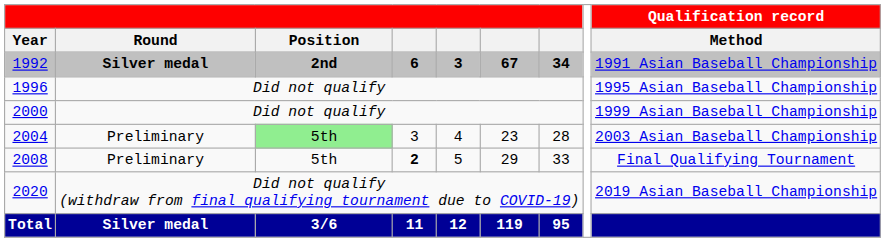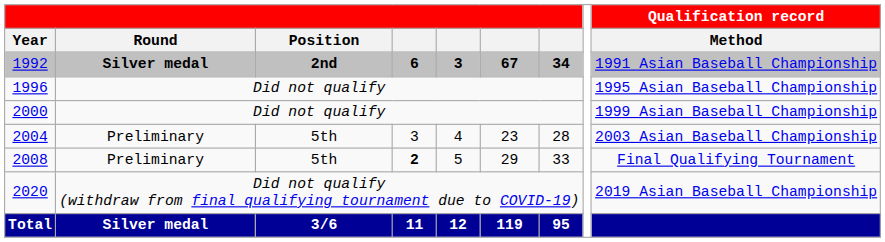 <table class="wikitable" style="text-align: center;">
 <tr>
 <th style="background:#FE0000;" colspan="7"><a href='#'></a> </th>
 <th style="background:white; width:1%;" rowspan="9"></th>
 <th style="background:#FE0000; color:#FFFFFF;">Qualification record</th>
 </tr>
 <tr>
 <th>Year</th>
 <th>Round</th>
 <th>Position</th>
 <th></th>
 <th></th>
 <th></th>
 <th></th>
 <th>Method</th>
 </tr>
 <tr style="background:Silver;">
 <td> <a href='#'>1992</a></td>
 <td><strong>Silver medal</strong></td>
 <td><strong> 2nd</strong></td>
 <td><strong>6</strong></td>
 <td><strong>3</strong></td>
 <td><strong>67</strong></td>
 <td><strong>34</strong></td>
 <td> <a href='#'>1991 Asian Baseball Championship</a></td>
 </tr>
 <tr>
 <td> <a href='#'>1996</a></td>
 <td colspan=6 align=center><em>Did not qualify</em></td>
 <td> <a href='#'>1995 Asian Baseball Championship</a></td>
 </tr>
 <tr>
 <td> <a href='#'>2000</a></td>
 <td colspan=6 align=center><em>Did not qualify</em></td>
 <td> <a href='#'>1999 Asian Baseball Championship</a></td>
 </tr>
 <tr>
 <td> <a href='#'>2004</a></td>
 <td>Preliminary</td>
-<td style="background: lightgreen;">5th</td>
+<td>5th</td>
 <td>3</td>
 <td>4</td>
 <td>23</td>
 <td>28</td>
 <td> <a href='#'>2003 Asian Baseball Championship</a></td>
 </tr>
 <tr>
 <td> <a href='#'>2008</a></td>
 <td>Preliminary</td>
 <td>5th</td>
 <td><strong>2</strong></td>
 <td>5</td>
 <td>29</td>
 <td>33</td>
 <td> <a href='#'>Final Qualifying Tournament</a></td>
 </tr>
 <tr>
 <td> <a href='#'>2020</a></td>
 <td colspan=6 align=center><em>Did not qualify</em><br><em>(withdraw from <a href='#'>final qualifying tournament</a> due to <a href='#'>COVID-19</a>)</em></td>
 <td> <a href='#'>2019 Asian Baseball Championship</a></td>
 </tr>
 <tr>
 <th style="color:white; background:#000096;">Total</th>
 <th style="color:white; background:#000096;">Silver medal</th>
 <th style="color:white; background:#000096;">3/6</th>
 <th style="color:white; background:#000096;">11</th>
 <th style="color:white; background:#000096;">12</th>
 <th style="color:white; background:#000096;">119</th>
 <th style="color:white; background:#000096;">95</th>
 <th style="color:white; background:#000096;"></th>
 </tr>
 </table>
